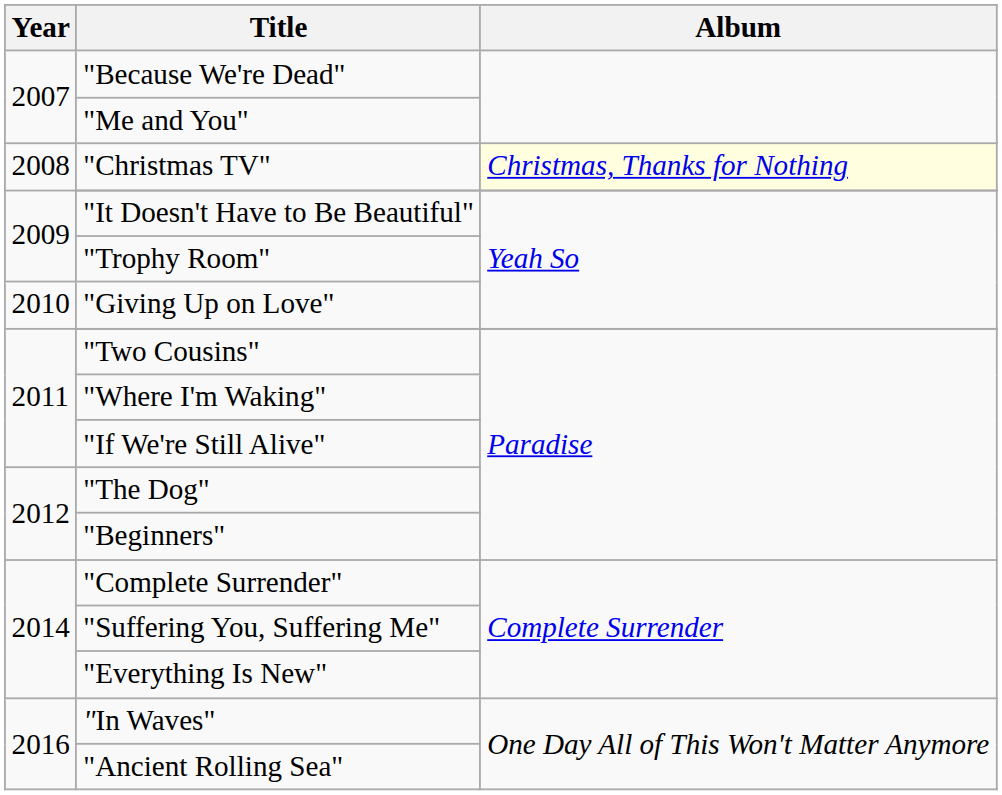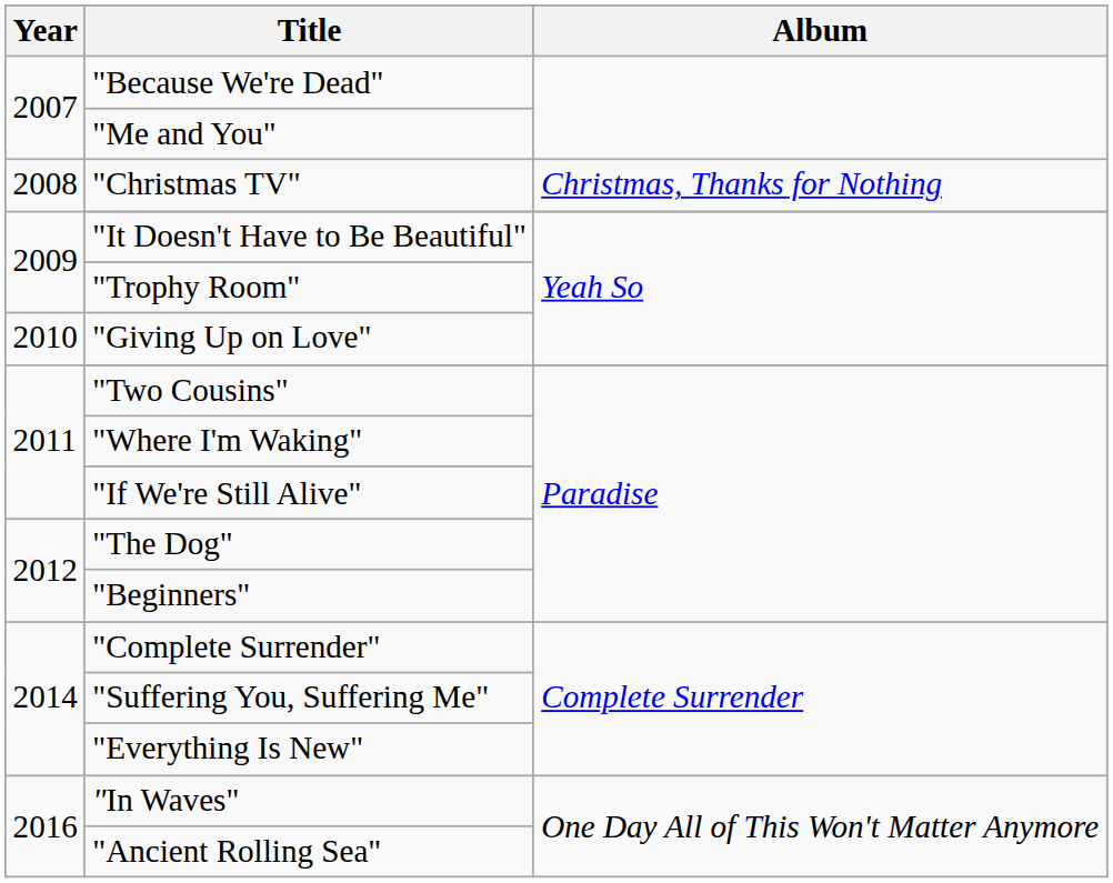 <table class="wikitable">
 <tr>
 <th rowspan="1">Year</th>
 <th rowspan="1">Title</th>
 <th rowspan="1">Album</th>
 </tr>
 <tr>
 <td rowspan="2">2007</td>
 <td>"Because We're Dead"</td>
 <td rowspan="2"></td>
 </tr>
 <tr>
 <td>"Me and You"</td>
 </tr>
 <tr>
 <td>2008</td>
 <td>"Christmas TV"</td>
-<td style="background: lightyellow;"><em><a href='#'>Christmas, Thanks for Nothing</a></em></td>
+<td><em><a href='#'>Christmas, Thanks for Nothing</a></em></td>
 </tr>
 <tr>
 <td rowspan="3">2009</td>
 </tr>
 <tr>
 <td>"It Doesn't Have to Be Beautiful"</td>
 <td rowspan="3"><em><a href='#'>Yeah So</a></em></td>
 </tr>
 <tr>
 <td>"Trophy Room"</td>
 </tr>
 <tr>
 <td>2010</td>
 <td>"Giving Up on Love"</td>
 </tr>
 <tr>
 <td rowspan="4">2011</td>
 </tr>
 <tr>
 <td>"Two Cousins"</td>
 <td rowspan="5"><a href='#'><em>Paradise</em></a></td>
 </tr>
 <tr>
 <td>"Where I'm Waking"</td>
 </tr>
 <tr>
 <td>"If We're Still Alive"</td>
 </tr>
 <tr>
 <td rowspan="2">2012</td>
 <td>"The Dog"</td>
 </tr>
 <tr>
 <td>"Beginners"</td>
 </tr>
 <tr>
 <td rowspan="3">2014</td>
 <td>"Complete Surrender"</td>
 <td rowspan="3"><em><a href='#'>Complete Surrender</a></em></td>
 </tr>
 <tr>
 <td>"Suffering You, Suffering Me"</td>
 </tr>
 <tr>
 <td>"Everything Is New"</td>
 </tr>
 <tr>
 <td rowspan="2">2016</td>
 <td><em>"</em>In Waves"<em></em></td>
 <td rowspan="2"><em>One Day All of This Won't Matter Anymore</em></td>
 </tr>
 <tr>
 <td>"Ancient Rolling Sea"</td>
 </tr>
 </table>
